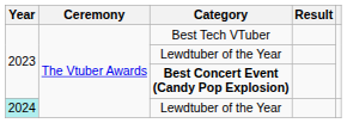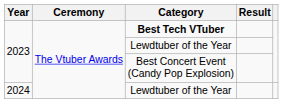 <table class="wikitable" style="text-align:center;">
 <tr>
 <th>Year</th>
 <th>Ceremony</th>
 <th>Category</th>
 <th>Result</th>
 <th></th>
 </tr>
 <tr>
 <td rowspan="3">2023</td>
 <td rowspan="4"><a href='#'>The Vtuber Awards</a></td>
-<td>Best Tech VTuber</td>
+<td><strong>Best Tech VTuber</strong></td>
 <td></td>
 <td rowspan="3"></td>
 </tr>
 <tr>
 <td>Lewdtuber of the Year</td>
 <td></td>
 </tr>
 <tr>
-<td><strong>Best Concert Event<br>(Candy Pop Explosion)</strong></td>
+<td>Best Concert Event<br>(Candy Pop Explosion)</td>
 <td></td>
 </tr>
 <tr>
-<td style="background: paleturquoise;">2024</td>
+<td>2024</td>
 <td>Lewdtuber of the Year</td>
 <td></td>
 </tr>
 </table>
